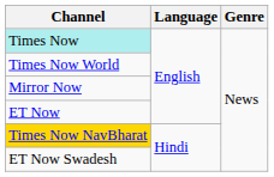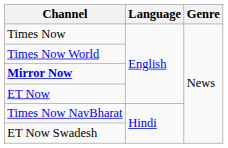 <table class="wikitable" style="text-align:middle;">
 <tr>
 <th>Channel</th>
 <th>Language</th>
 <th>Genre</th>
 </tr>
 <tr>
-<td style="background: paleturquoise;">Times Now</td>
+<td>Times Now</td>
 <td rowspan="4"><a href='#'>English</a></td>
 <td rowspan="6">News</td>
 </tr>
 <tr>
 <td><a href='#'>Times Now World</a></td>
 </tr>
 <tr>
-<td><a href='#'>Mirror Now</a></td>
+<td><strong><a href='#'>Mirror Now</a></strong></td>
 </tr>
 <tr>
 <td><a href='#'>ET Now</a></td>
 </tr>
 <tr>
-<td style="background: gold;"><a href='#'>Times Now NavBharat</a></td>
+<td><a href='#'>Times Now NavBharat</a></td>
 <td rowspan="2"><a href='#'>Hindi</a></td>
 </tr>
 <tr>
 <td>ET Now Swadesh</td>
 </tr>
 </table>
